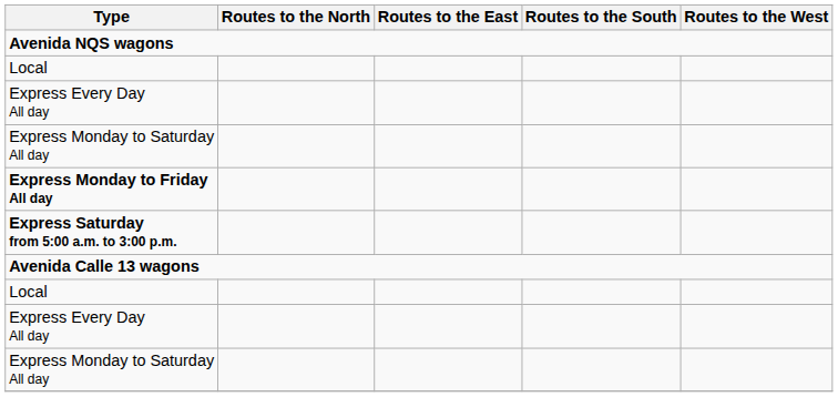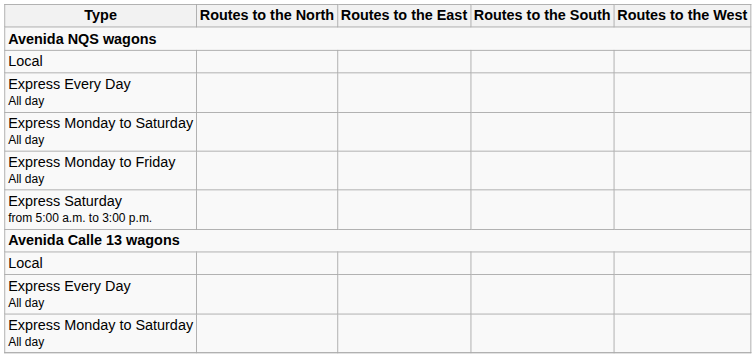 <table class="wikitable" style="margin:1em auto;">
 <tr>
 <th>Type</th>
 <th>Routes to the North</th>
 <th>Routes to the East</th>
 <th>Routes to the South</th>
 <th>Routes to the West</th>
 </tr>
 <tr>
 <td colspan="6"><strong>Avenida NQS wagons</strong></td>
 </tr>
 <tr>
 <td>Local</td>
 <td> </td>
 <td></td>
 <td> </td>
 <td></td>
 </tr>
 <tr>
 <td>Express Every Day <br><small>All day</small></td>
 <td> </td>
 <td></td>
 <td></td>
 <td></td>
 </tr>
 <tr>
 <td>Express Monday to Saturday <br><small>All day</small></td>
 <td></td>
 <td></td>
 <td></td>
 <td></td>
 </tr>
 <tr>
-<td><strong>Express Monday to Friday <br><small>All day</small></strong></td>
+<td>Express Monday to Friday <br><small>All day</small></td>
 <td></td>
 <td></td>
 <td></td>
 <td></td>
 </tr>
 <tr>
-<td><strong>Express Saturday <br><small>from 5:00 a.m. to 3:00 p.m.</small></strong></td>
+<td>Express Saturday <br><small>from 5:00 a.m. to 3:00 p.m.</small></td>
 <td></td>
 <td></td>
 <td></td>
 <td></td>
 </tr>
 <tr>
 <td colspan="6"><strong>Avenida Calle 13 wagons</strong></td>
 </tr>
 <tr>
 <td>Local</td>
 <td></td>
 <td></td>
 <td></td>
 <td></td>
 </tr>
 <tr>
 <td>Express Every Day <br><small>All day</small></td>
 <td> </td>
 <td></td>
 <td></td>
 <td>  </td>
 </tr>
 <tr>
 <td>Express Monday to Saturday <br><small>All day</small></td>
 <td></td>
 <td></td>
 <td></td>
 <td></td>
 </tr>
 <tr>
 </tr>
 </table>
